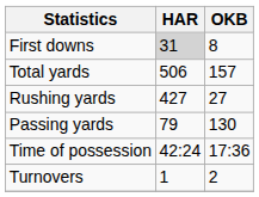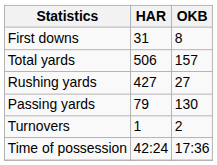 <table class="wikitable" style="float: left;">
 <tr>
 <th>Statistics</th>
 <th>HAR</th>
 <th>OKB</th>
 </tr>
 <tr>
 <td>First downs</td>
-<td style="background: lightgrey;">31</td>
+<td>31</td>
 <td>8</td>
 </tr>
 <tr>
 <td>Total yards</td>
 <td>506</td>
 <td>157</td>
 </tr>
 <tr>
 <td>Rushing yards</td>
 <td>427</td>
 <td>27</td>
 </tr>
 <tr>
 <td>Passing yards</td>
 <td>79</td>
 <td>130</td>
 </tr>
 <tr>
+<td>Turnovers</td>
+<td>1</td>
+<td>2</td>
+</tr>
+<tr>
 <td>Time of possession</td>
 <td>42:24</td>
 <td>17:36</td>
 </tr>
 <tr>
-<td>Turnovers</td>
-<td>1</td>
-<td>2</td>
-</tr>
-<tr>
 </tr>
 </table>
